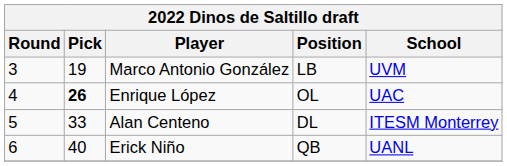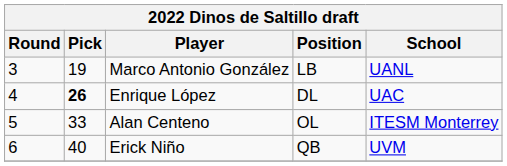 <table class="wikitable" style="text-align:left">
 <tr>
 <th colspan=5>2022 Dinos de Saltillo draft</th>
 </tr>
 <tr>
 <th>Round</th>
 <th>Pick</th>
 <th>Player</th>
 <th>Position</th>
 <th>School</th>
 </tr>
 <tr>
 <td>3</td>
 <td>19</td>
 <td>Marco Antonio González</td>
 <td>LB</td>
-<td><a href='#'>UVM</a></td>
+<td><a href='#'>UANL</a></td>
 </tr>
 <tr>
 <td>4</td>
 <td><strong>26</strong></td>
 <td>Enrique López</td>
-<td>OL</td>
+<td>DL</td>
 <td><a href='#'>UAC</a></td>
 </tr>
 <tr>
 <td>5</td>
 <td>33</td>
 <td>Alan Centeno</td>
-<td>DL</td>
+<td>OL</td>
 <td><a href='#'>ITESM Monterrey</a></td>
 </tr>
 <tr>
 <td>6</td>
 <td>40</td>
 <td>Erick Niño</td>
 <td>QB</td>
-<td><a href='#'>UANL</a></td>
+<td><a href='#'>UVM</a></td>
 </tr>
 <tr>
 </tr>
 </table>
